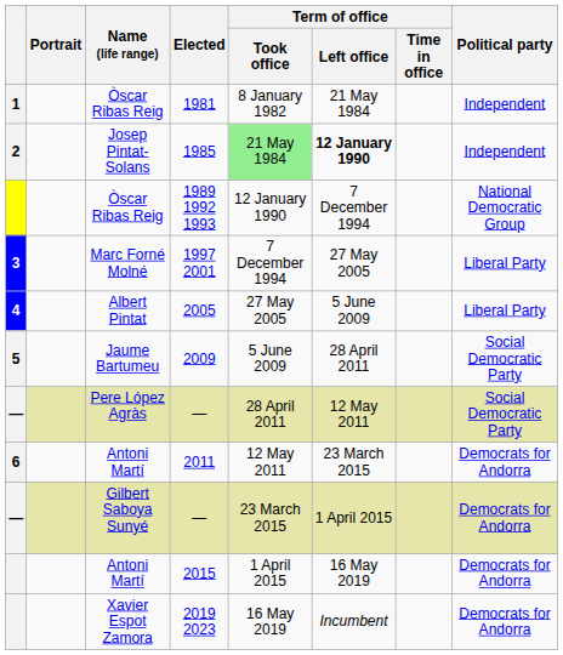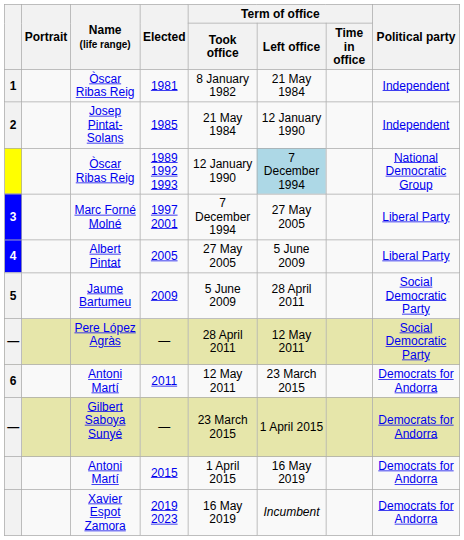 <table class="wikitable" style="text-align:center;">
 <tr>
 <th rowspan="2"></th>
 <th rowspan="2">Portrait</th>
 <th rowspan="2">Name<br><small>(life range)</small></th>
 <th rowspan="2">Elected</th>
 <th colspan="3">Term of office</th>
 <th rowspan="2">Political party</th>
 </tr>
 <tr>
 <th>Took office</th>
 <th>Left office</th>
 <th>Time in office</th>
 </tr>
 <tr>
 <th style="background:">1</th>
 <td></td>
 <td><a href='#'>Òscar Ribas Reig</a><br></td>
 <td><a href='#'>1981</a></td>
 <td>8 January 1982</td>
 <td>21 May 1984</td>
 <td></td>
 <td><a href='#'>Independent</a></td>
 </tr>
 <tr>
 <th style="background:">2</th>
 <td></td>
 <td><a href='#'>Josep Pintat-Solans</a><br></td>
 <td><a href='#'>1985</a></td>
-<td style="background: lightgreen;">21 May 1984</td>
-<td><strong>12 January 1990</strong></td>
+<td>21 May 1984</td>
+<td>12 January 1990</td>
 <td></td>
 <td><a href='#'>Independent</a></td>
 </tr>
 <tr>
 <th style="background:Yellow; color:black"></th>
 <td></td>
 <td><a href='#'>Òscar Ribas Reig</a><br></td>
 <td><a href='#'>1989</a><br><a href='#'>1992</a><br><a href='#'>1993</a></td>
 <td>12 January 1990</td>
-<td>7 December 1994</td>
+<td style="background: lightblue;">7 December 1994</td>
 <td></td>
 <td><a href='#'>National Democratic Group</a></td>
 </tr>
 <tr>
 <th style="background:Blue; color:white">3</th>
 <td></td>
 <td><a href='#'>Marc Forné Molné</a><br></td>
 <td><a href='#'>1997</a><br><a href='#'>2001</a></td>
 <td>7 December 1994</td>
 <td>27 May 2005</td>
 <td></td>
 <td><a href='#'>Liberal Party</a></td>
 </tr>
 <tr>
 <th style="background:Blue; color:white">4</th>
 <td></td>
 <td><a href='#'>Albert Pintat</a><br></td>
 <td><a href='#'>2005</a></td>
 <td>27 May 2005</td>
 <td>5 June 2009</td>
 <td></td>
 <td><a href='#'>Liberal Party</a></td>
 </tr>
 <tr>
 <th style="background:">5</th>
 <td></td>
 <td><a href='#'>Jaume Bartumeu</a><br></td>
 <td><a href='#'>2009</a></td>
 <td>5 June 2009</td>
 <td>28 April 2011</td>
 <td></td>
 <td><a href='#'>Social Democratic Party</a></td>
 </tr>
 <tr style="text-align:center; background:#E6E6AA">
 <th style="background:">—</th>
 <td></td>
 <td><a href='#'>Pere López Agràs</a><br><br></td>
 <td>—</td>
 <td>28 April 2011</td>
 <td>12 May 2011</td>
 <td></td>
 <td><a href='#'>Social Democratic Party</a></td>
 </tr>
 <tr>
 <th style="background:">6</th>
 <td></td>
 <td><a href='#'>Antoni Martí</a><br></td>
 <td><a href='#'>2011</a></td>
 <td>12 May 2011</td>
 <td>23 March 2015</td>
 <td></td>
 <td><a href='#'>Democrats for Andorra</a></td>
 </tr>
 <tr style="text-align:center; background:#E6E6AA">
 <th style="background:">—</th>
 <td></td>
 <td><a href='#'>Gilbert Saboya Sunyé</a><br><br></td>
 <td>—</td>
 <td>23 March 2015</td>
 <td>1 April 2015</td>
 <td></td>
 <td><a href='#'>Democrats for Andorra</a></td>
 </tr>
 <tr>
 <th style="background:"></th>
 <td></td>
 <td><a href='#'>Antoni Martí</a><br></td>
 <td><a href='#'>2015</a></td>
 <td>1 April 2015</td>
 <td>16 May 2019</td>
 <td></td>
 <td><a href='#'>Democrats for Andorra</a></td>
 </tr>
 <tr>
 <th style="background:"></th>
 <td></td>
 <td><a href='#'>Xavier Espot Zamora</a><br></td>
 <td><a href='#'>2019</a><br><a href='#'>2023</a></td>
 <td>16 May 2019</td>
 <td><em>Incumbent</em></td>
 <td></td>
 <td><a href='#'>Democrats for Andorra</a></td>
 </tr>
 </table>
